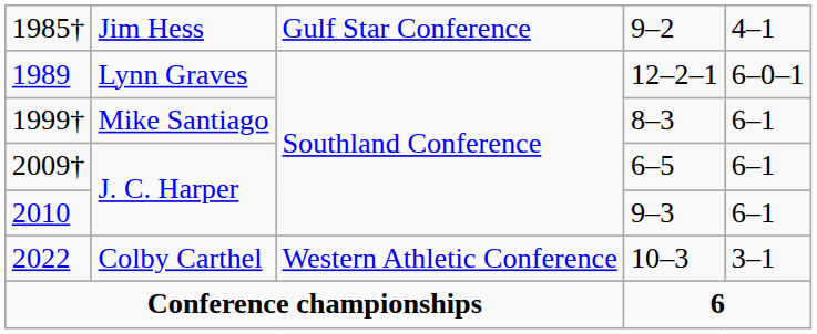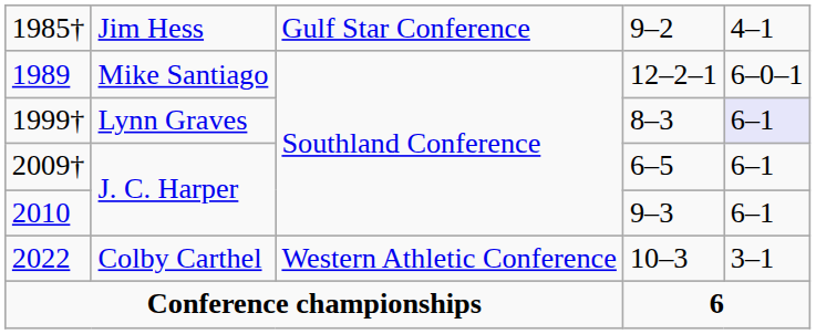 <table class="wikitable">
 <tr>
 <td>1985†</td>
 <td><a href='#'>Jim Hess</a></td>
 <td><a href='#'>Gulf Star Conference</a></td>
 <td>9–2</td>
 <td>4–1</td>
 </tr>
 <tr>
 <td><a href='#'>1989</a></td>
-<td><a href='#'>Lynn Graves</a></td>
+<td><a href='#'>Mike Santiago</a></td>
 <td rowspan="4"><a href='#'>Southland Conference</a></td>
 <td>12–2–1</td>
 <td>6–0–1</td>
 </tr>
 <tr>
 <td>1999†</td>
-<td><a href='#'>Mike Santiago</a></td>
+<td><a href='#'>Lynn Graves</a></td>
 <td>8–3</td>
-<td>6–1</td>
+<td style="background: lavender;">6–1</td>
 </tr>
 <tr>
 <td>2009†</td>
 <td rowspan="2"><a href='#'>J. C. Harper</a></td>
 <td>6–5</td>
 <td>6–1</td>
 </tr>
 <tr>
 <td><a href='#'>2010</a></td>
 <td>9–3</td>
 <td>6–1</td>
 </tr>
 <tr>
 <td><a href='#'>2022</a></td>
 <td><a href='#'>Colby Carthel</a></td>
 <td><a href='#'>Western Athletic Conference</a></td>
 <td>10–3</td>
 <td>3–1</td>
 </tr>
 <tr align="center">
 <td colspan=3><strong>Conference championships</strong></td>
 <td colspan=3><strong>6</strong></td>
 </tr>
 </table>
